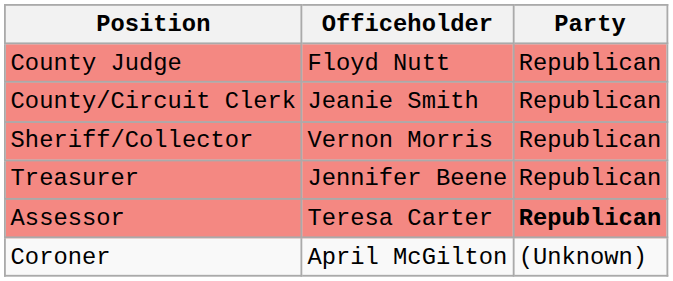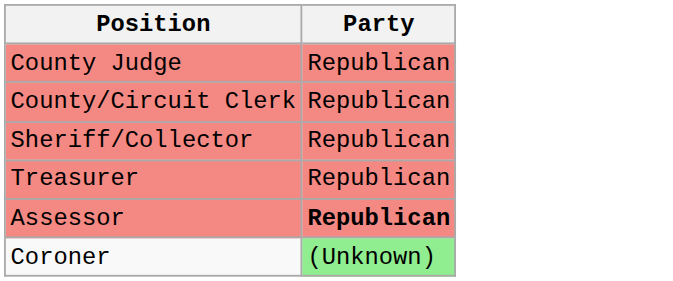 <table class="wikitable">
 <tr>
 <th>Position</th>
-<th>Officeholder</th>
 <th>Party</th>
 </tr>
 <tr style="background-color:#F48882;">
 <td>County Judge</td>
-<td>Floyd Nutt</td>
 <td>Republican</td>
 </tr>
 <tr style="background-color:#F48882;">
 <td>County/Circuit Clerk</td>
-<td>Jeanie Smith</td>
 <td>Republican</td>
 </tr>
 <tr style="background-color:#F48882;">
 <td>Sheriff/Collector</td>
-<td>Vernon Morris</td>
 <td>Republican</td>
 </tr>
 <tr style="background-color:#F48882;">
 <td>Treasurer</td>
-<td>Jennifer Beene</td>
 <td>Republican</td>
 </tr>
 <tr style="background-color:#F48882;">
 <td>Assessor</td>
-<td>Teresa Carter</td>
 <td><strong>Republican</strong></td>
 </tr>
 <tr>
 <td>Coroner</td>
-<td>April McGilton</td>
-<td>(Unknown)</td>
+<td style="background: lightgreen;">(Unknown)</td>
 </tr>
 </table>
